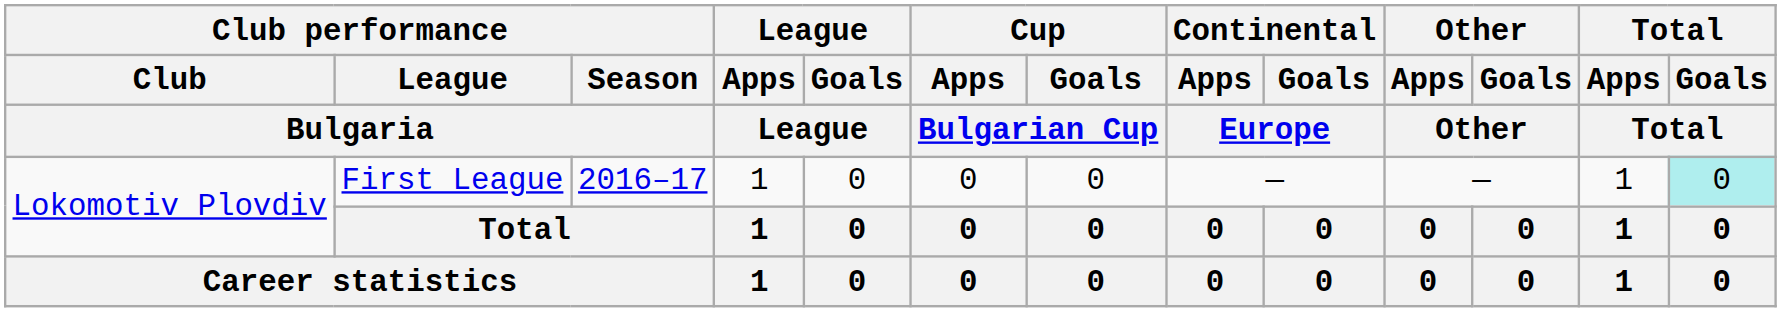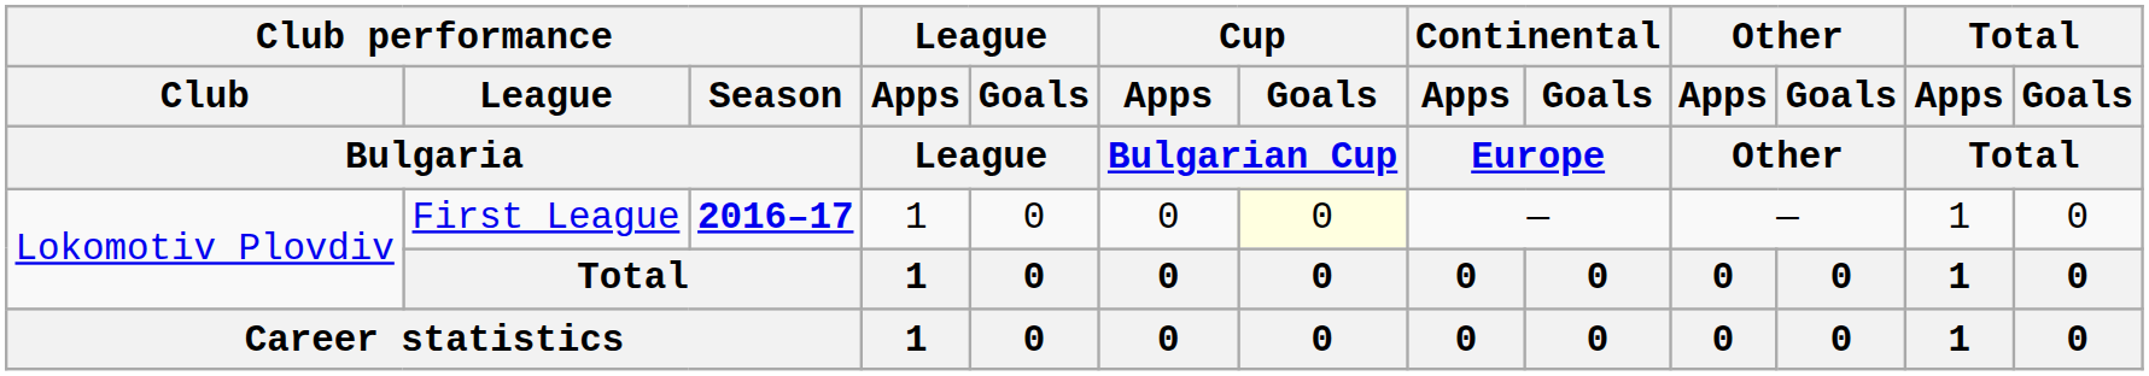 <table class="wikitable" style="text-align:center">
 <tr>
 <th colspan="3">Club performance</th>
 <th Colspan="2">League</th>
 <th Colspan="2">Cup</th>
 <th Colspan="2">Continental</th>
 <th Colspan="2">Other</th>
 <th Colspan="3">Total</th>
 </tr>
 <tr>
 <th>Club</th>
 <th>League</th>
 <th>Season</th>
 <th>Apps</th>
 <th>Goals</th>
 <th>Apps</th>
 <th>Goals</th>
 <th>Apps</th>
 <th>Goals</th>
 <th>Apps</th>
 <th>Goals</th>
 <th>Apps</th>
 <th>Goals</th>
 </tr>
 <tr>
 <th colspan="3">Bulgaria</th>
 <th Colspan="2">League</th>
 <th Colspan="2"><a href='#'>Bulgarian Cup</a></th>
 <th Colspan="2"><a href='#'>Europe</a></th>
 <th Colspan="2">Other</th>
 <th Colspan="2">Total</th>
 </tr>
 <tr>
 <td rowspan="2" valign="center"><a href='#'>Lokomotiv Plovdiv</a></td>
 <td rowspan="1"><a href='#'>First League</a></td>
-<td><a href='#'>2016–17</a></td>
+<td><strong><a href='#'>2016–17</a></strong></td>
 <td>1</td>
 <td>0</td>
 <td>0</td>
-<td>0</td>
+<td style="background: lightyellow;">0</td>
 <td colspan="2">—</td>
 <td colspan="2">—</td>
 <td>1</td>
-<td style="background: paleturquoise;">0</td>
+<td>0</td>
 </tr>
 <tr>
 <th colspan="2">Total</th>
 <th>1</th>
 <th>0</th>
 <th>0</th>
 <th>0</th>
 <th>0</th>
 <th>0</th>
 <th>0</th>
 <th>0</th>
 <th>1</th>
 <th>0</th>
 </tr>
 <tr>
 <th colspan="3">Career statistics</th>
 <th>1</th>
 <th>0</th>
 <th>0</th>
 <th>0</th>
 <th>0</th>
 <th>0</th>
 <th>0</th>
 <th>0</th>
 <th>1</th>
 <th>0</th>
 </tr>
 </table>
